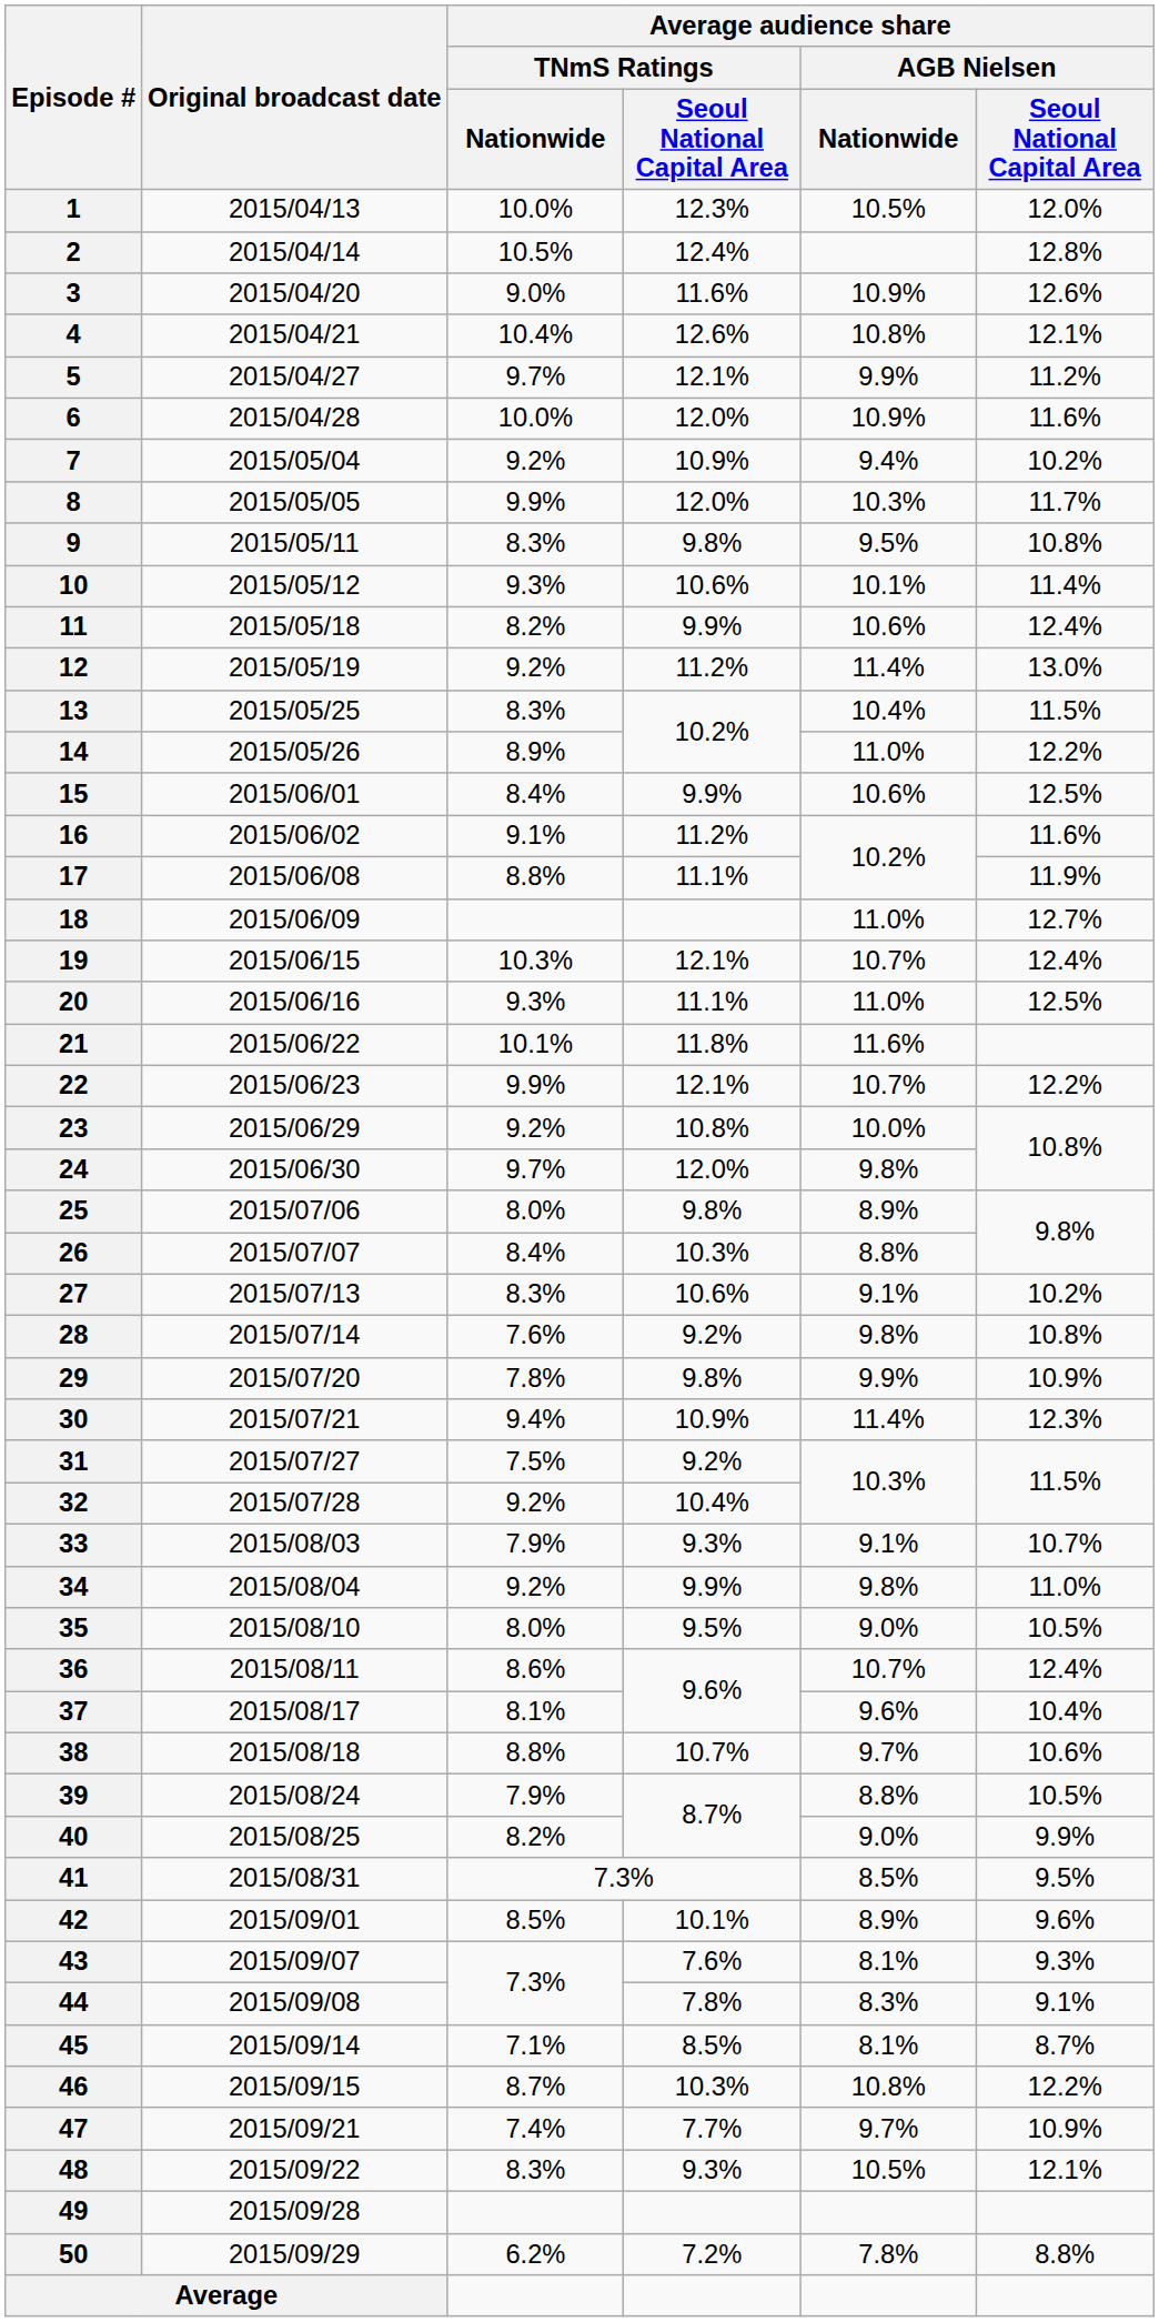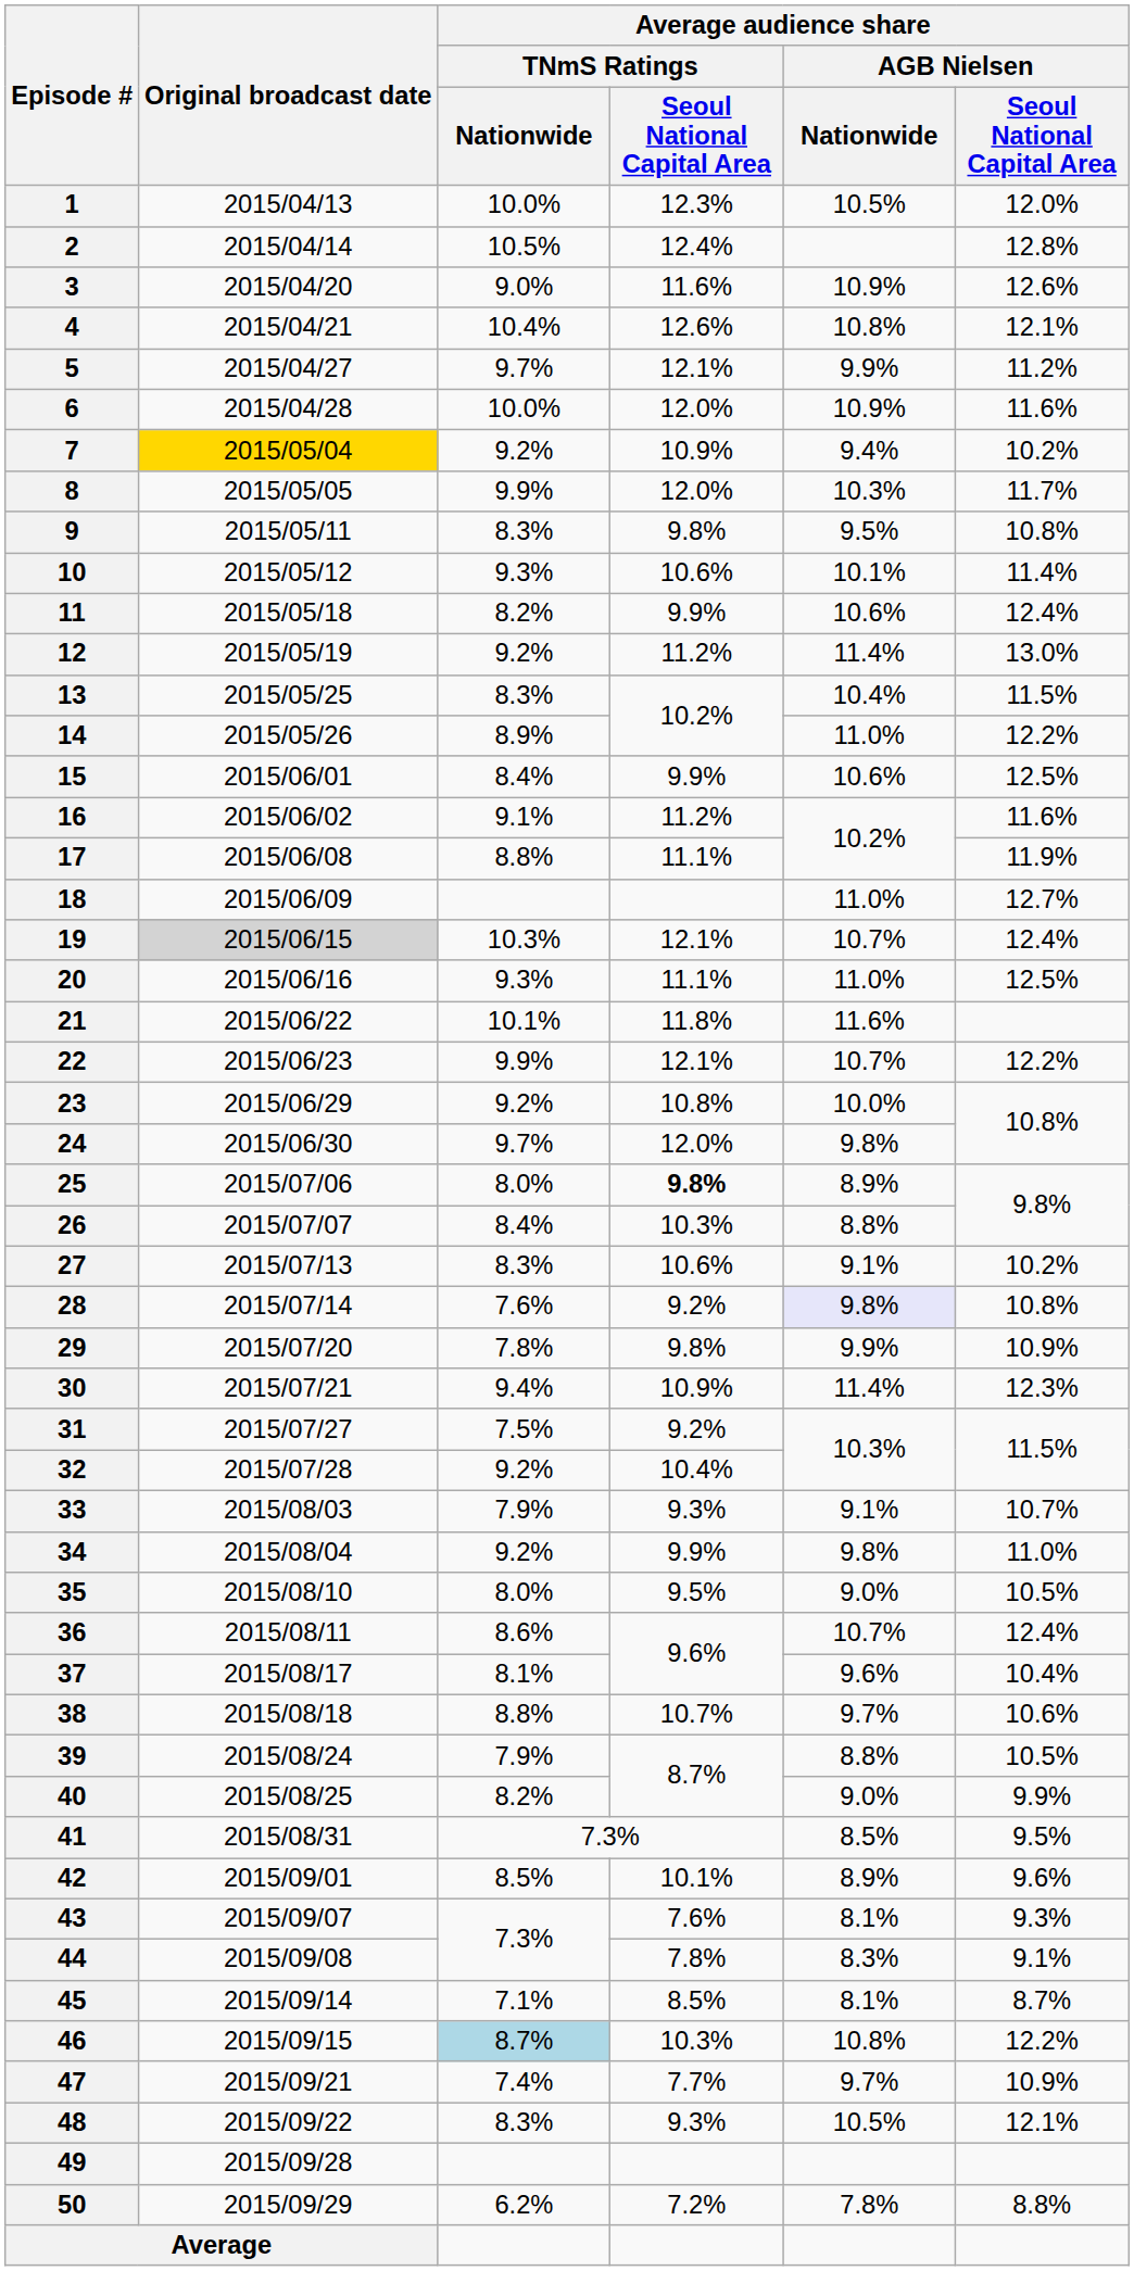 <table class=wikitable style="text-align:center">
 <tr>
 <th rowspan="3">Episode #</th>
 <th rowspan="3">Original broadcast date</th>
 <th colspan="5">Average audience share</th>
 </tr>
 <tr>
 <th colspan="2">TNmS Ratings</th>
 <th colspan="2">AGB Nielsen</th>
 </tr>
 <tr>
 <th width=100>Nationwide</th>
 <th width=100><a href='#'>Seoul National Capital Area</a></th>
 <th width=100>Nationwide</th>
 <th width=100><a href='#'>Seoul National Capital Area</a></th>
 </tr>
 <tr>
 <th>1</th>
 <td>2015/04/13</td>
 <td>10.0%</td>
 <td>12.3%</td>
 <td>10.5%</td>
 <td>12.0%</td>
 </tr>
 <tr>
 <th>2</th>
 <td>2015/04/14</td>
 <td>10.5%</td>
 <td>12.4%</td>
 <td></td>
 <td>12.8%</td>
 </tr>
 <tr>
 <th>3</th>
 <td>2015/04/20</td>
 <td>9.0%</td>
 <td>11.6%</td>
 <td>10.9%</td>
 <td>12.6%</td>
 </tr>
 <tr>
 <th>4</th>
 <td>2015/04/21</td>
 <td>10.4%</td>
 <td>12.6%</td>
 <td>10.8%</td>
 <td>12.1%</td>
 </tr>
 <tr>
 <th>5</th>
 <td>2015/04/27</td>
 <td>9.7%</td>
 <td>12.1%</td>
 <td>9.9%</td>
 <td>11.2%</td>
 </tr>
 <tr>
 <th>6</th>
 <td>2015/04/28</td>
 <td>10.0%</td>
 <td>12.0%</td>
 <td>10.9%</td>
 <td>11.6%</td>
 </tr>
 <tr>
 <th>7</th>
-<td>2015/05/04</td>
+<td style="background: gold;">2015/05/04</td>
 <td>9.2%</td>
 <td>10.9%</td>
 <td>9.4%</td>
 <td>10.2%</td>
 </tr>
 <tr>
 <th>8</th>
 <td>2015/05/05</td>
 <td>9.9%</td>
 <td>12.0%</td>
 <td>10.3%</td>
 <td>11.7%</td>
 </tr>
 <tr>
 <th>9</th>
 <td>2015/05/11</td>
 <td>8.3%</td>
 <td>9.8%</td>
 <td>9.5%</td>
 <td>10.8%</td>
 </tr>
 <tr>
 <th>10</th>
 <td>2015/05/12</td>
 <td>9.3%</td>
 <td>10.6%</td>
 <td>10.1%</td>
 <td>11.4%</td>
 </tr>
 <tr>
 <th>11</th>
 <td>2015/05/18</td>
 <td>8.2%</td>
 <td>9.9%</td>
 <td>10.6%</td>
 <td>12.4%</td>
 </tr>
 <tr>
 <th>12</th>
 <td>2015/05/19</td>
 <td>9.2%</td>
 <td>11.2%</td>
 <td>11.4%</td>
 <td>13.0%</td>
 </tr>
 <tr>
 <th>13</th>
 <td>2015/05/25</td>
 <td>8.3%</td>
 <td rowspan=2>10.2%</td>
 <td>10.4%</td>
 <td>11.5%</td>
 </tr>
 <tr>
 <th>14</th>
 <td>2015/05/26</td>
 <td>8.9%</td>
 <td>11.0%</td>
 <td>12.2%</td>
 </tr>
 <tr>
 <th>15</th>
 <td>2015/06/01</td>
 <td>8.4%</td>
 <td>9.9%</td>
 <td>10.6%</td>
 <td>12.5%</td>
 </tr>
 <tr>
 <th>16</th>
 <td>2015/06/02</td>
 <td>9.1%</td>
 <td>11.2%</td>
 <td rowspan=2>10.2%</td>
 <td>11.6%</td>
 </tr>
 <tr>
 <th>17</th>
 <td>2015/06/08</td>
 <td>8.8%</td>
 <td>11.1%</td>
 <td>11.9%</td>
 </tr>
 <tr>
 <th>18</th>
 <td>2015/06/09</td>
 <td></td>
 <td></td>
 <td>11.0%</td>
 <td>12.7%</td>
 </tr>
 <tr>
 <th>19</th>
-<td>2015/06/15</td>
+<td style="background: lightgrey;">2015/06/15</td>
 <td>10.3%</td>
 <td>12.1%</td>
 <td>10.7%</td>
 <td>12.4%</td>
 </tr>
 <tr>
 <th>20</th>
 <td>2015/06/16</td>
 <td>9.3%</td>
 <td>11.1%</td>
 <td>11.0%</td>
 <td>12.5%</td>
 </tr>
 <tr>
 <th>21</th>
 <td>2015/06/22</td>
 <td>10.1%</td>
 <td>11.8%</td>
 <td>11.6%</td>
 <td></td>
 </tr>
 <tr>
 <th>22</th>
 <td>2015/06/23</td>
 <td>9.9%</td>
 <td>12.1%</td>
 <td>10.7%</td>
 <td>12.2%</td>
 </tr>
 <tr>
 <th>23</th>
 <td>2015/06/29</td>
 <td>9.2%</td>
 <td>10.8%</td>
 <td>10.0%</td>
 <td rowspan=2>10.8%</td>
 </tr>
 <tr>
 <th>24</th>
 <td>2015/06/30</td>
 <td>9.7%</td>
 <td>12.0%</td>
 <td>9.8%</td>
 </tr>
 <tr>
 <th>25</th>
 <td>2015/07/06</td>
 <td>8.0%</td>
-<td>9.8%</td>
+<td><strong>9.8%</strong></td>
 <td>8.9%</td>
 <td rowspan=2>9.8%</td>
 </tr>
 <tr>
 <th>26</th>
 <td>2015/07/07</td>
 <td>8.4%</td>
 <td>10.3%</td>
 <td>8.8%</td>
 </tr>
 <tr>
 <th>27</th>
 <td>2015/07/13</td>
 <td>8.3%</td>
 <td>10.6%</td>
 <td>9.1%</td>
 <td>10.2%</td>
 </tr>
 <tr>
 <th>28</th>
 <td>2015/07/14</td>
 <td>7.6%</td>
 <td>9.2%</td>
-<td>9.8%</td>
+<td style="background: lavender;">9.8%</td>
 <td>10.8%</td>
 </tr>
 <tr>
 <th>29</th>
 <td>2015/07/20</td>
 <td>7.8%</td>
 <td>9.8%</td>
 <td>9.9%</td>
 <td>10.9%</td>
 </tr>
 <tr>
 <th>30</th>
 <td>2015/07/21</td>
 <td>9.4%</td>
 <td>10.9%</td>
 <td>11.4%</td>
 <td>12.3%</td>
 </tr>
 <tr>
 <th>31</th>
 <td>2015/07/27</td>
 <td>7.5%</td>
 <td>9.2%</td>
 <td rowspan=2>10.3%</td>
 <td rowspan=2>11.5%</td>
 </tr>
 <tr>
 <th>32</th>
 <td>2015/07/28</td>
 <td>9.2%</td>
 <td>10.4%</td>
 </tr>
 <tr>
 <th>33</th>
 <td>2015/08/03</td>
 <td>7.9%</td>
 <td>9.3%</td>
 <td>9.1%</td>
 <td>10.7%</td>
 </tr>
 <tr>
 <th>34</th>
 <td>2015/08/04</td>
 <td>9.2%</td>
 <td>9.9%</td>
 <td>9.8%</td>
 <td>11.0%</td>
 </tr>
 <tr>
 <th>35</th>
 <td>2015/08/10</td>
 <td>8.0%</td>
 <td>9.5%</td>
 <td>9.0%</td>
 <td>10.5%</td>
 </tr>
 <tr>
 <th>36</th>
 <td>2015/08/11</td>
 <td>8.6%</td>
 <td rowspan=2>9.6%</td>
 <td>10.7%</td>
 <td>12.4%</td>
 </tr>
 <tr>
 <th>37</th>
 <td>2015/08/17</td>
 <td>8.1%</td>
 <td>9.6%</td>
 <td>10.4%</td>
 </tr>
 <tr>
 <th>38</th>
 <td>2015/08/18</td>
 <td>8.8%</td>
 <td>10.7%</td>
 <td>9.7%</td>
 <td>10.6%</td>
 </tr>
 <tr>
 <th>39</th>
 <td>2015/08/24</td>
 <td>7.9%</td>
 <td rowspan=2>8.7%</td>
 <td>8.8%</td>
 <td>10.5%</td>
 </tr>
 <tr>
 <th>40</th>
 <td>2015/08/25</td>
 <td>8.2%</td>
 <td>9.0%</td>
 <td>9.9%</td>
 </tr>
 <tr>
 <th>41</th>
 <td>2015/08/31</td>
 <td colspan=2>7.3%</td>
 <td>8.5%</td>
 <td>9.5%</td>
 </tr>
 <tr>
 <th>42</th>
 <td>2015/09/01</td>
 <td>8.5%</td>
 <td>10.1%</td>
 <td>8.9%</td>
 <td>9.6%</td>
 </tr>
 <tr>
 <th>43</th>
 <td>2015/09/07</td>
 <td rowspan=2>7.3%</td>
 <td>7.6%</td>
 <td>8.1%</td>
 <td>9.3%</td>
 </tr>
 <tr>
 <th>44</th>
 <td>2015/09/08</td>
 <td>7.8%</td>
 <td>8.3%</td>
 <td>9.1%</td>
 </tr>
 <tr>
 <th>45</th>
 <td>2015/09/14</td>
 <td>7.1%</td>
 <td>8.5%</td>
 <td>8.1%</td>
 <td>8.7%</td>
 </tr>
 <tr>
 <th>46</th>
 <td>2015/09/15</td>
-<td>8.7%</td>
+<td style="background: lightblue;">8.7%</td>
 <td>10.3%</td>
 <td>10.8%</td>
 <td>12.2%</td>
 </tr>
 <tr>
 <th>47</th>
 <td>2015/09/21</td>
 <td>7.4%</td>
 <td>7.7%</td>
 <td>9.7%</td>
 <td>10.9%</td>
 </tr>
 <tr>
 <th>48</th>
 <td>2015/09/22</td>
 <td>8.3%</td>
 <td>9.3%</td>
 <td>10.5%</td>
 <td>12.1%</td>
 </tr>
 <tr>
 <th>49</th>
 <td>2015/09/28</td>
 <td></td>
 <td></td>
 <td></td>
 <td></td>
 </tr>
 <tr>
 <th>50</th>
 <td>2015/09/29</td>
 <td>6.2%</td>
 <td>7.2%</td>
 <td>7.8%</td>
 <td>8.8%</td>
 </tr>
 <tr>
 <th colspan=2>Average</th>
 <td></td>
 <td></td>
 <td></td>
 <td></td>
 </tr>
 </table>
